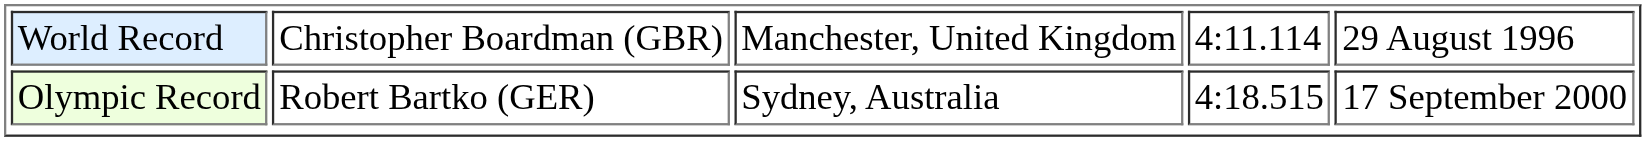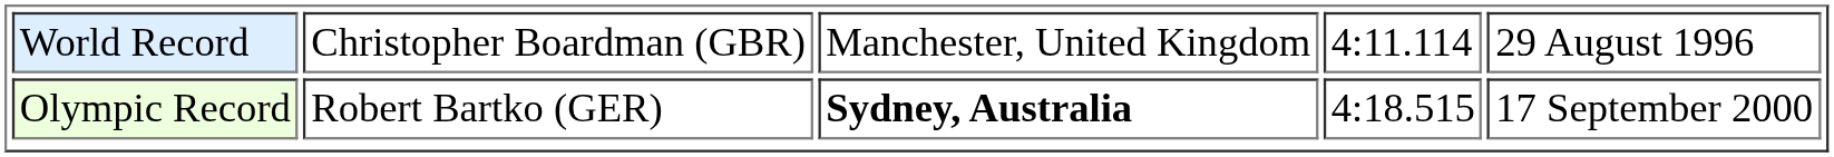 <table border = "1" Cellpadding = "2">
 <tr>
 <td !align="left" bgcolor = "ddeeff">World Record</td>
 <td>Christopher Boardman (GBR)</td>
 <td>Manchester, United Kingdom</td>
 <td>4:11.114</td>
 <td>29 August 1996</td>
 </tr>
 <tr>
 <td !align="left" bgcolor = "eeffdd">Olympic Record</td>
 <td>Robert Bartko (GER)</td>
-<td>Sydney, Australia</td>
+<td><strong>Sydney, Australia</strong></td>
 <td>4:18.515</td>
 <td>17 September 2000</td>
 </tr>
 <tr>
 </tr>
 </table>
